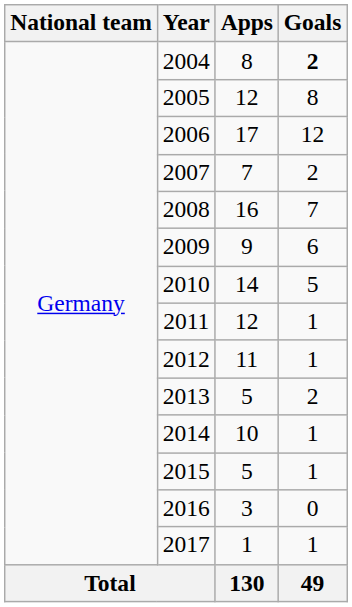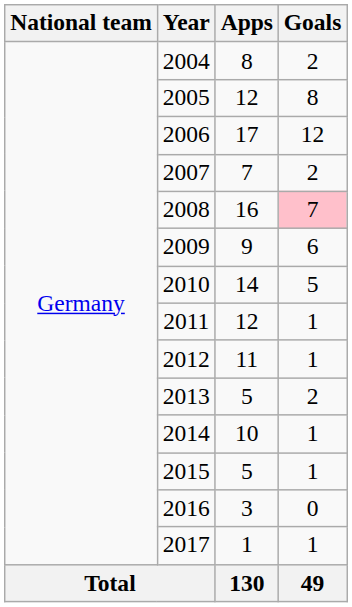 <table class="wikitable" style="text-align:center">
 <tr>
 <th>National team</th>
 <th>Year</th>
 <th>Apps</th>
 <th>Goals</th>
 </tr>
 <tr>
 <td rowspan="14"><a href='#'>Germany</a></td>
 <td>2004</td>
 <td>8</td>
-<td><strong>2</strong></td>
+<td>2</td>
 </tr>
 <tr>
 <td>2005</td>
 <td>12</td>
 <td>8</td>
 </tr>
 <tr>
 <td>2006</td>
 <td>17</td>
 <td>12</td>
 </tr>
 <tr>
 <td>2007</td>
 <td>7</td>
 <td>2</td>
 </tr>
 <tr>
 <td>2008</td>
 <td>16</td>
-<td>7</td>
+<td style="background: pink;">7</td>
 </tr>
 <tr>
 <td>2009</td>
 <td>9</td>
 <td>6</td>
 </tr>
 <tr>
 <td>2010</td>
 <td>14</td>
 <td>5</td>
 </tr>
 <tr>
 <td>2011</td>
 <td>12</td>
 <td>1</td>
 </tr>
 <tr>
 <td>2012</td>
 <td>11</td>
 <td>1</td>
 </tr>
 <tr>
 <td>2013</td>
 <td>5</td>
 <td>2</td>
 </tr>
 <tr>
 <td>2014</td>
 <td>10</td>
 <td>1</td>
 </tr>
 <tr>
 <td>2015</td>
 <td>5</td>
 <td>1</td>
 </tr>
 <tr>
 <td>2016</td>
 <td>3</td>
 <td>0</td>
 </tr>
 <tr>
 <td>2017</td>
 <td>1</td>
 <td>1</td>
 </tr>
 <tr>
 <th colspan="2">Total</th>
 <th>130</th>
 <th>49</th>
 </tr>
 </table>
